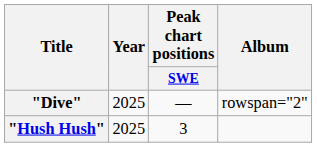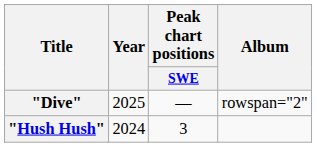 <table class="wikitable plainrowheaders" style="text-align:center;">
 <tr>
 <th scope="col" rowspan="2">Title</th>
 <th scope="col" rowspan="2">Year</th>
 <th scope="col" colspan="1">Peak chart positions</th>
 <th scope="col" rowspan="2">Album</th>
 </tr>
 <tr>
 <th scope="col" style="width:3em;font-size:85%;"><a href='#'>SWE</a><br></th>
 </tr>
 <tr>
 <th scope="row">"Dive"</th>
 <td>2025</td>
 <td>—</td>
 <td>rowspan="2" </td>
 </tr>
 <tr>
 <th scope="row">"<a href='#'>Hush Hush</a>"</th>
-<td>2025</td>
+<td>2024</td>
 <td>3</td>
 </tr>
 </table>
